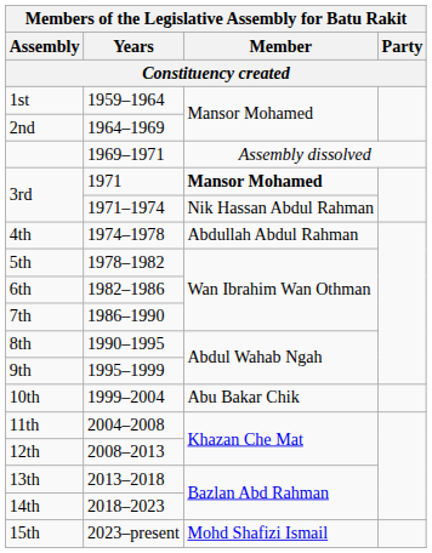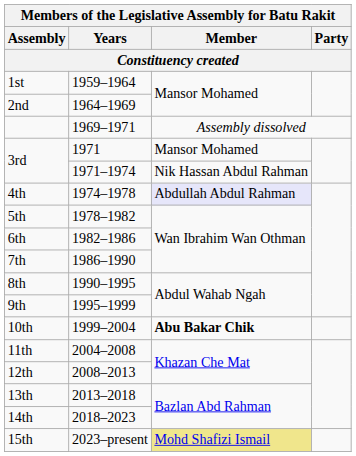 <table class="wikitable">
 <tr>
 <th colspan="4">Members of the Legislative Assembly for Batu Rakit</th>
 </tr>
 <tr>
 <th>Assembly</th>
 <th>Years</th>
 <th>Member</th>
 <th>Party</th>
 </tr>
 <tr>
 <th colspan="4" align="center"><em>Constituency created</em></th>
 </tr>
 <tr>
 <td>1st</td>
 <td>1959–1964</td>
 <td rowspan="2">Mansor Mohamed</td>
 <td rowspan="2"></td>
 </tr>
 <tr>
 <td>2nd</td>
 <td>1964–1969</td>
 </tr>
 <tr>
 <td></td>
 <td>1969–1971</td>
 <td colspan="2" align="center"><em>Assembly dissolved</em></td>
 </tr>
 <tr>
 <td rowspan="2">3rd</td>
 <td>1971</td>
-<td><strong>Mansor Mohamed</strong></td>
+<td>Mansor Mohamed</td>
 <td rowspan="2"></td>
 </tr>
 <tr>
 <td>1971–1974</td>
 <td>Nik Hassan Abdul Rahman</td>
 </tr>
 <tr>
 <td>4th</td>
 <td>1974–1978</td>
-<td>Abdullah Abdul Rahman</td>
+<td style="background: lavender;">Abdullah Abdul Rahman</td>
 <td rowspan="6"></td>
 </tr>
 <tr>
 <td>5th</td>
 <td>1978–1982</td>
 <td rowspan="3">Wan Ibrahim Wan Othman</td>
 </tr>
 <tr>
 <td>6th</td>
 <td>1982–1986</td>
 </tr>
 <tr>
 <td>7th</td>
 <td>1986–1990</td>
 </tr>
 <tr>
 <td>8th</td>
 <td>1990–1995</td>
 <td rowspan="2">Abdul Wahab Ngah</td>
 </tr>
 <tr>
 <td>9th</td>
 <td>1995–1999</td>
 </tr>
 <tr>
 <td>10th</td>
 <td>1999–2004</td>
-<td>Abu Bakar Chik</td>
+<td><strong>Abu Bakar Chik</strong></td>
 <td></td>
 </tr>
 <tr>
 <td>11th</td>
 <td>2004–2008</td>
 <td rowspan="2"><a href='#'>Khazan Che Mat</a></td>
 <td rowspan="4"></td>
 </tr>
 <tr>
 <td>12th</td>
 <td>2008–2013</td>
 </tr>
 <tr>
 <td>13th</td>
 <td>2013–2018</td>
 <td rowspan="2"><a href='#'>Bazlan Abd Rahman</a></td>
 </tr>
 <tr>
 <td>14th</td>
 <td>2018–2023</td>
 </tr>
 <tr>
 <td>15th</td>
 <td>2023–present</td>
-<td><a href='#'>Mohd Shafizi Ismail</a></td>
+<td style="background: khaki;"><a href='#'>Mohd Shafizi Ismail</a></td>
 <td></td>
 </tr>
 </table>
